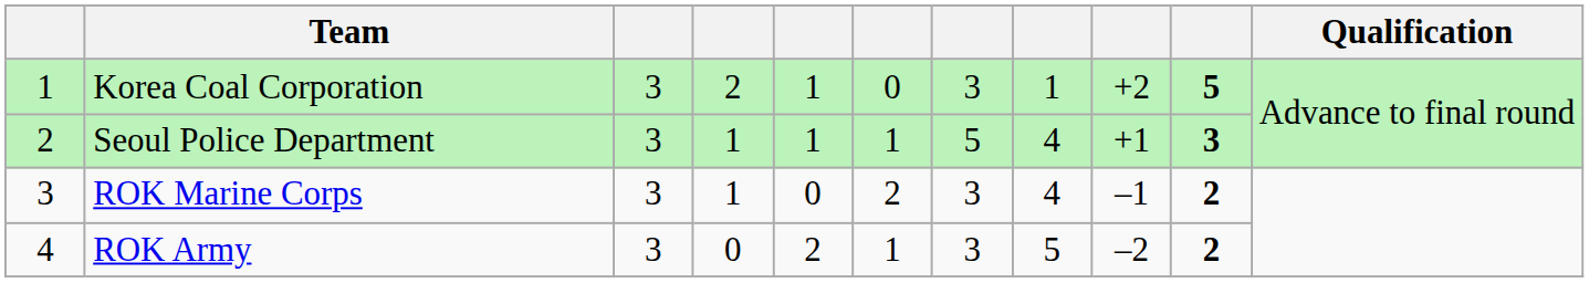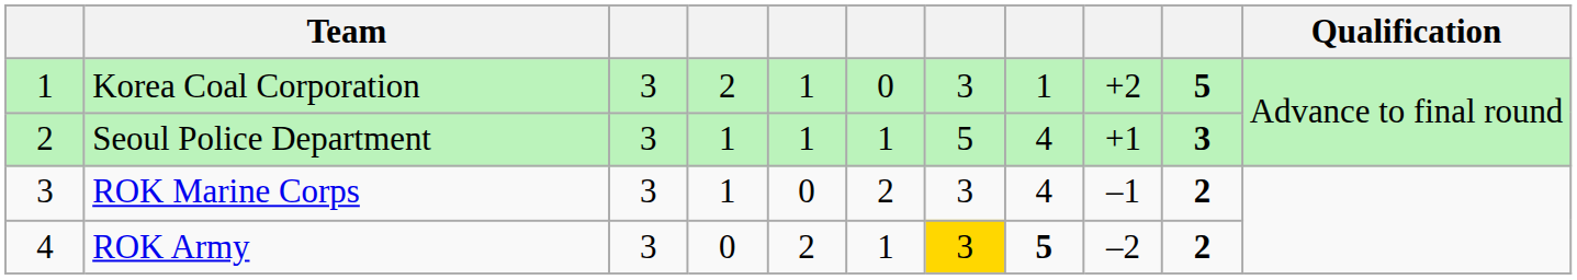 <table class="wikitable" style="text-align:center;">
 <tr>
 <th width=30></th>
 <th width=240>Team</th>
 <th width=30></th>
 <th width=30></th>
 <th width=30></th>
 <th width=30></th>
 <th width=30></th>
 <th width=30></th>
 <th width=30></th>
 <th width=30></th>
 <th>Qualification</th>
 </tr>
 <tr bgcolor=#BBF3BB>
 <td>1</td>
 <td align=left>Korea Coal Corporation</td>
 <td>3</td>
 <td>2</td>
 <td>1</td>
 <td>0</td>
 <td>3</td>
 <td>1</td>
 <td>+2</td>
 <td><strong>5</strong></td>
 <td rowspan=2>Advance to final round</td>
 </tr>
 <tr bgcolor=#BBF3BB>
 <td>2</td>
 <td align=left>Seoul Police Department</td>
 <td>3</td>
 <td>1</td>
 <td>1</td>
 <td>1</td>
 <td>5</td>
 <td>4</td>
 <td>+1</td>
 <td><strong>3</strong></td>
 </tr>
 <tr>
 <td>3</td>
 <td align=left><a href='#'>ROK Marine Corps</a></td>
 <td>3</td>
 <td>1</td>
 <td>0</td>
 <td>2</td>
 <td>3</td>
 <td>4</td>
 <td>–1</td>
 <td><strong>2</strong></td>
 </tr>
 <tr>
 <td>4</td>
 <td align=left><a href='#'>ROK Army</a></td>
 <td>3</td>
 <td>0</td>
 <td>2</td>
 <td>1</td>
-<td>3</td>
-<td>5</td>
+<td style="background: gold;">3</td>
+<td><strong>5</strong></td>
 <td>–2</td>
 <td><strong>2</strong></td>
 </tr>
 </table>
